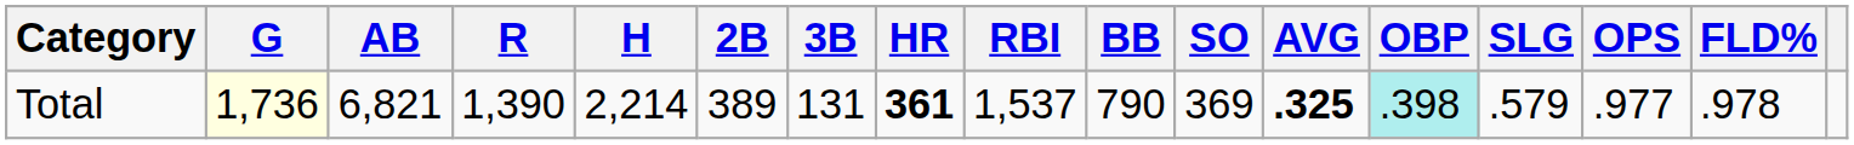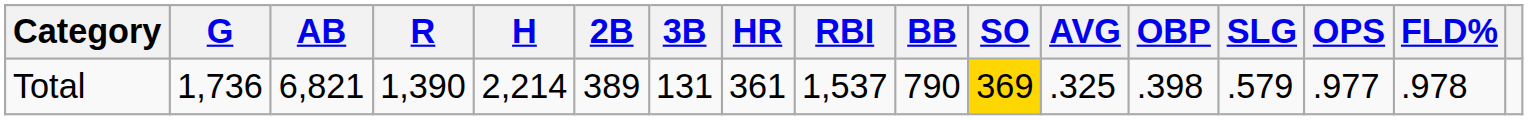 <table class="wikitable">
 <tr>
 <th>Category</th>
 <th><a href='#'>G</a></th>
 <th><a href='#'>AB</a></th>
 <th><a href='#'>R</a></th>
 <th><a href='#'>H</a></th>
 <th><a href='#'>2B</a></th>
 <th><a href='#'>3B</a></th>
 <th><a href='#'>HR</a></th>
 <th><a href='#'>RBI</a></th>
 <th><a href='#'>BB</a></th>
 <th><a href='#'>SO</a></th>
 <th><a href='#'>AVG</a></th>
 <th><a href='#'>OBP</a></th>
 <th><a href='#'>SLG</a></th>
 <th><a href='#'>OPS</a></th>
 <th><a href='#'>FLD%</a></th>
 <th></th>
 </tr>
 <tr>
 <td>Total</td>
-<td style="background: lightyellow;">1,736</td>
+<td>1,736</td>
 <td>6,821</td>
 <td>1,390</td>
 <td>2,214</td>
 <td>389</td>
 <td>131</td>
-<td><strong>361</strong></td>
+<td>361</td>
 <td>1,537</td>
 <td>790</td>
-<td>369</td>
-<td><strong>.325</strong></td>
-<td style="background: paleturquoise;">.398</td>
+<td style="background: gold;">369</td>
+<td>.325</td>
+<td>.398</td>
 <td>.579</td>
 <td>.977</td>
 <td>.978</td>
 <td></td>
 </tr>
 </table>
